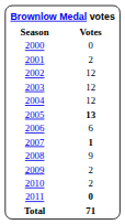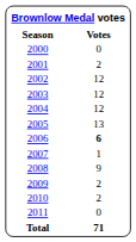 <table style="margin-right: 4px; margin-top: 8px; float: right; border: 1px #000000 solid; border-radius: 8px; background: #FFFFFF; font-family: Verdana; font-size: 8pt; text-align: center;">
 <tr style="background:#FFFFFF;">
 <td colspan=2; style="padding: 3px; margin-bottom: -3px; margin-top: 2px; font-family: Arial; background:#FFFFFF;"><strong><a href='#'>Brownlow Medal</a> votes</strong></td>
 </tr>
 <tr>
 <th width=50%>Season</th>
 <th width=50%>Votes</th>
 </tr>
 <tr>
 <td><a href='#'>2000</a></td>
 <td>0</td>
 </tr>
 <tr>
 <td><a href='#'>2001</a></td>
 <td>2</td>
 </tr>
 <tr>
 <td><a href='#'>2002</a></td>
 <td>12</td>
 </tr>
 <tr>
 <td><a href='#'>2003</a></td>
 <td>12</td>
 </tr>
 <tr>
 <td><a href='#'>2004</a></td>
 <td>12</td>
 </tr>
 <tr>
 <td><a href='#'>2005</a></td>
-<td><strong>13</strong></td>
+<td>13</td>
 </tr>
 <tr>
 <td><a href='#'>2006</a></td>
-<td>6</td>
+<td><strong>6</strong></td>
 </tr>
 <tr>
 <td><a href='#'>2007</a></td>
-<td><strong>1</strong></td>
+<td>1</td>
 </tr>
 <tr>
 <td><a href='#'>2008</a></td>
 <td>9</td>
 </tr>
 <tr>
 <td><a href='#'>2009</a></td>
 <td>2</td>
 </tr>
 <tr>
 <td><a href='#'>2010</a></td>
 <td>2</td>
 </tr>
 <tr>
 <td><a href='#'>2011</a></td>
-<td><strong>0</strong></td>
+<td>0</td>
 </tr>
 <tr>
 <td><strong>Total</strong></td>
 <td><strong>71</strong></td>
 </tr>
 </table>
